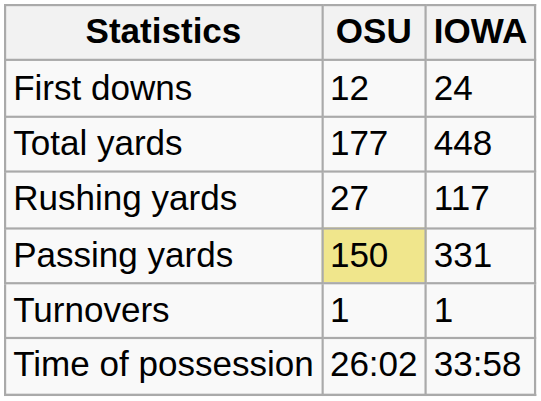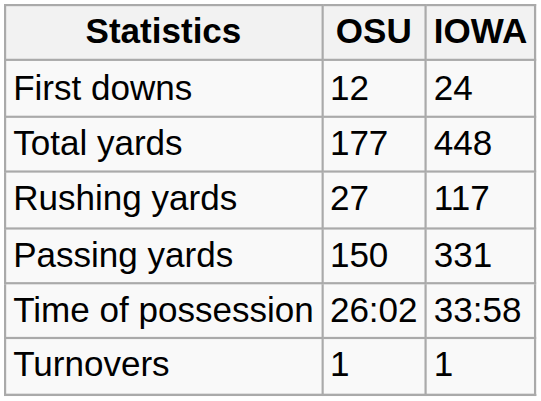 <table class="wikitable">
 <tr>
 <th>Statistics</th>
 <th>OSU</th>
 <th>IOWA</th>
 </tr>
 <tr>
 <td>First downs</td>
 <td>12</td>
 <td>24</td>
 </tr>
 <tr>
 <td>Total yards</td>
 <td>177</td>
 <td>448</td>
 </tr>
 <tr>
 <td>Rushing yards</td>
 <td>27</td>
 <td>117</td>
 </tr>
 <tr>
 <td>Passing yards</td>
-<td style="background: khaki;">150</td>
+<td>150</td>
 <td>331</td>
+</tr>
+<tr>
+<td>Time of possession</td>
+<td>26:02</td>
+<td>33:58</td>
 </tr>
 <tr>
 <td>Turnovers</td>
 <td>1</td>
 <td>1</td>
 </tr>
 <tr>
-<td>Time of possession</td>
-<td>26:02</td>
-<td>33:58</td>
-</tr>
-<tr>
 </tr>
 </table>
